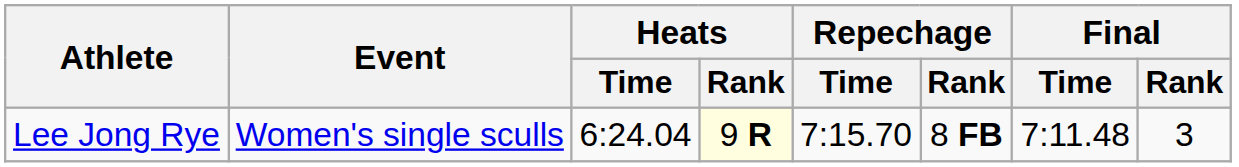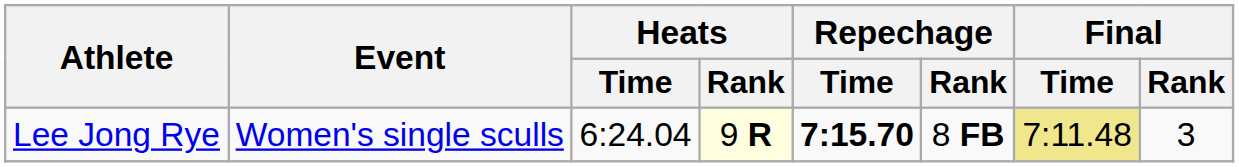 <table class="wikitable" style="font-size:90%;">
 <tr>
 <th rowspan="2">Athlete</th>
 <th rowspan="2">Event</th>
 <th colspan="2">Heats</th>
 <th colspan="2">Repechage</th>
 <th colspan="2">Final</th>
 </tr>
 <tr style="font-size:95%">
 <th>Time</th>
 <th>Rank</th>
 <th>Time</th>
 <th>Rank</th>
 <th>Time</th>
 <th>Rank</th>
 </tr>
 <tr>
 <td align=left><a href='#'>Lee Jong Rye</a></td>
 <td align=left><a href='#'>Women's single sculls</a></td>
 <td align=center>6:24.04</td>
 <td align=center style="background: lightyellow;">9 <strong>R</strong></td>
-<td align=center>7:15.70</td>
+<td align=center><strong>7:15.70</strong></td>
 <td align=center>8 <strong>FB</strong></td>
-<td align=center>7:11.48</td>
+<td align=center style="background: khaki;">7:11.48</td>
 <td align=center>3</td>
 </tr>
 </table>
